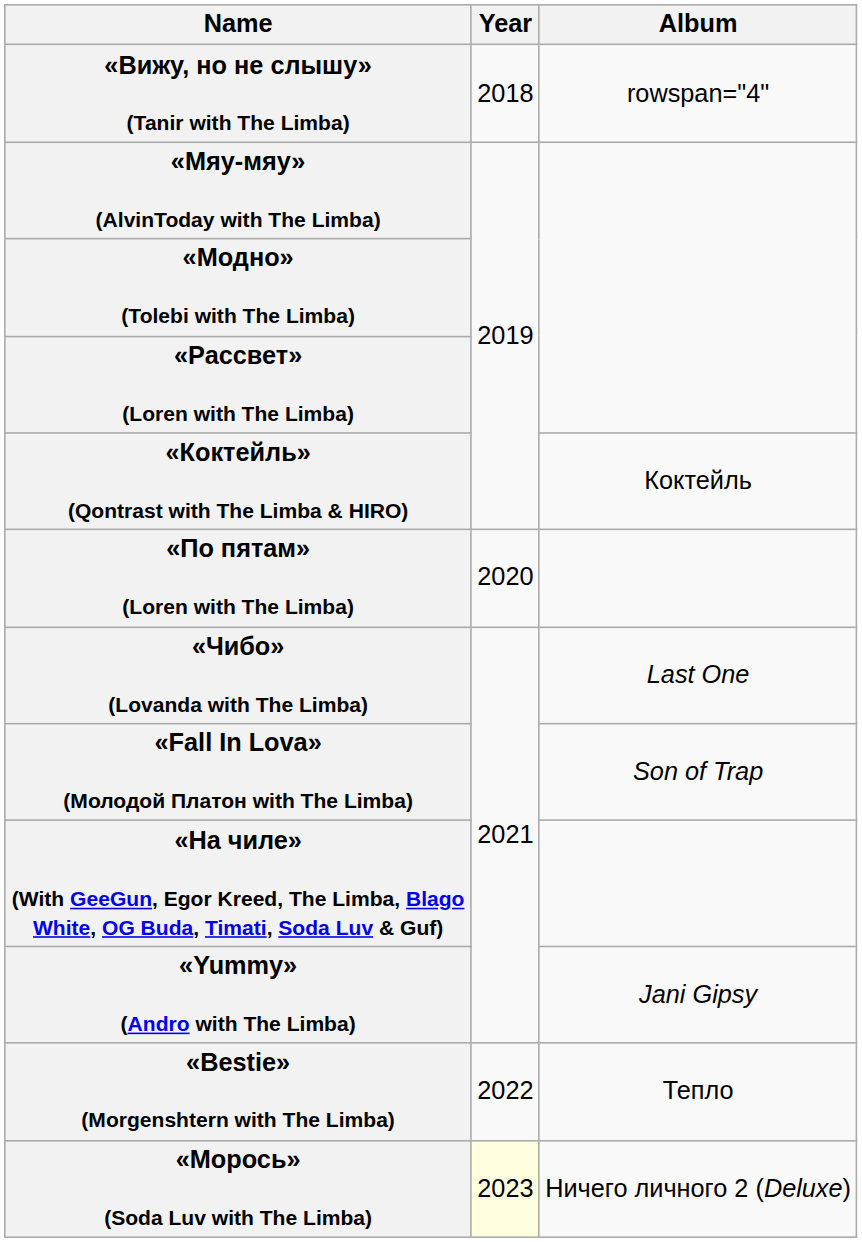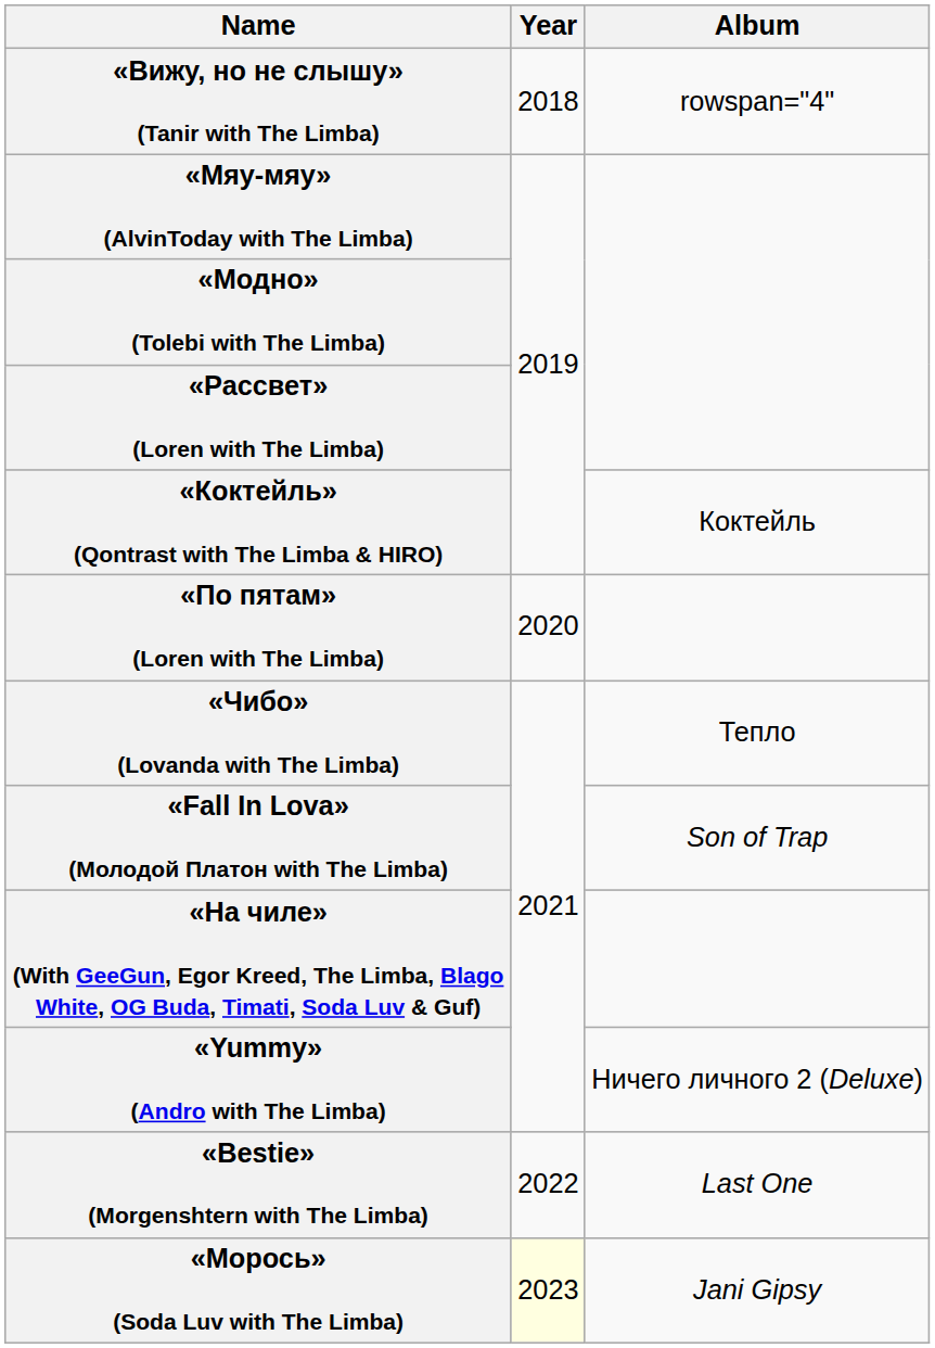 <table class="wikitable plainrowheaders" style="text-align:center;">
 <tr>
 <th scope="col" style="width:18em;">Name</th>
 <th>Year</th>
 <th>Album</th>
 </tr>
 <tr>
 <th>«Вижу, но не слышу»<br><br><small>(Tanir with The Limba)</small></th>
 <td>2018</td>
 <td>rowspan="4" </td>
 </tr>
 <tr>
 <th>«Мяу-мяу»<br><br><small>(AlvinToday with The Limba)</small></th>
 <td rowspan="4">2019</td>
 </tr>
 <tr>
 <th>«Модно»<br><br><small>(Tolebi with The Limba)</small></th>
 </tr>
 <tr>
 <th>«Рассвет»<br><br><small>(Loren with The Limba)</small></th>
 </tr>
 <tr>
 <th>«Коктейль»<br><br><small>(Qontrast with The Limba & HIRO)</small></th>
 <td>Коктейль</td>
 </tr>
 <tr>
 <th>«По пятам»<br><br><small>(Loren with The Limba)</small></th>
 <td>2020</td>
 <td></td>
 </tr>
 <tr>
 <th>«Чибо»<br><br><small>(Lovanda with The Limba)</small></th>
 <td rowspan="4">2021</td>
-<td><em>Last One</em></td>
+<td>Тепло</td>
 </tr>
 <tr>
 <th>«Fall In Lova»<br><br><small>(Молодой Платон with The Limba)</small></th>
 <td><em>Son of Trap</em></td>
 </tr>
 <tr>
 <th>«На чиле»<br><br><small>(With <a href='#'>GeeGun</a>, Egor Kreed, The Limba, <a href='#'>Blago White</a>, <a href='#'>OG Buda</a>, <a href='#'>Timati</a>, <a href='#'>Soda Luv</a> & Guf)</small></th>
 <td></td>
 </tr>
 <tr>
 <th>«Yummy»<br><br><small>(<a href='#'>Andro</a> with The Limba)</small></th>
-<td><em>Jani Gipsy</em></td>
+<td>Ничего личного 2 (<em>Deluxe</em>)</td>
 </tr>
 <tr>
 <th>«Bestie»<br><br><small>(Morgenshtern with The Limba)</small></th>
 <td>2022</td>
-<td>Тепло</td>
+<td><em>Last One</em></td>
 </tr>
 <tr>
 <th>«Морось»<br><br><small>(Soda Luv with The Limba)</small></th>
 <td style="background: lightyellow;">2023</td>
-<td>Ничего личного 2 (<em>Deluxe</em>)</td>
+<td><em>Jani Gipsy</em></td>
 </tr>
 </table>
